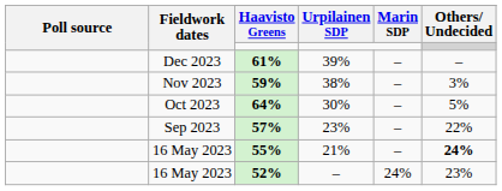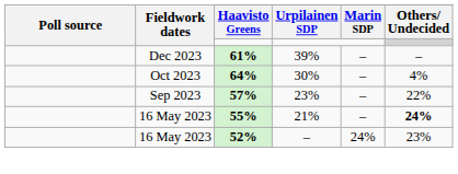 <table class="wikitable mw-collapsible mw-collapsed" style="text-align:center;font-size:85%;line-height:14px;">
 <tr bgcolor="lightgray">
 <th rowspan="3" style="width:125px;">Poll source</th>
 <th rowspan="3">Fieldwork<br>dates</th>
 </tr>
 <tr>
 <th><a href='#'>Haavisto</a><br><small><a href='#'>Greens</a></small></th>
 <th><a href='#'>Urpilainen</a><br><small><a href='#'>SDP</a></small></th>
 <th><a href='#'>Marin</a><br><small>SDP</small></th>
 <th>Others/<br>Undecided</th>
 </tr>
 <tr>
 <td></td>
 <td colspan="2"></td>
 <td bgcolor="lightgray"></td>
 </tr>
 <tr>
 <td></td>
 <td>Dec 2023</td>
 <td style="background:#D3F2D0"><strong>61%</strong></td>
 <td>39%</td>
 <td>–</td>
 <td>–</td>
 </tr>
 <tr>
 <td></td>
-<td>Nov 2023</td>
-<td style="background:#D3F2D0"><strong>59%</strong></td>
-<td>38%</td>
-<td>–</td>
-<td>3%</td>
-</tr>
-<tr>
-<td></td>
 <td>Oct 2023</td>
 <td style="background:#D3F2D0"><strong>64%</strong></td>
 <td>30%</td>
 <td>–</td>
-<td>5%</td>
+<td>4%</td>
 </tr>
 <tr>
 <td></td>
 <td>Sep 2023</td>
 <td style="background:#D3F2D0"><strong>57%</strong></td>
 <td>23%</td>
 <td>–</td>
 <td>22%</td>
 </tr>
 <tr>
 <td></td>
 <td>16 May 2023</td>
 <td style="background:#D3F2D0"><strong>55%</strong></td>
 <td>21%</td>
 <td>–</td>
 <td><strong>24%</strong></td>
 </tr>
 <tr>
 <td></td>
 <td>16 May 2023</td>
 <td style="background:#D3F2D0"><strong>52%</strong></td>
 <td>–</td>
 <td>24%</td>
 <td>23%</td>
 </tr>
 </table>
